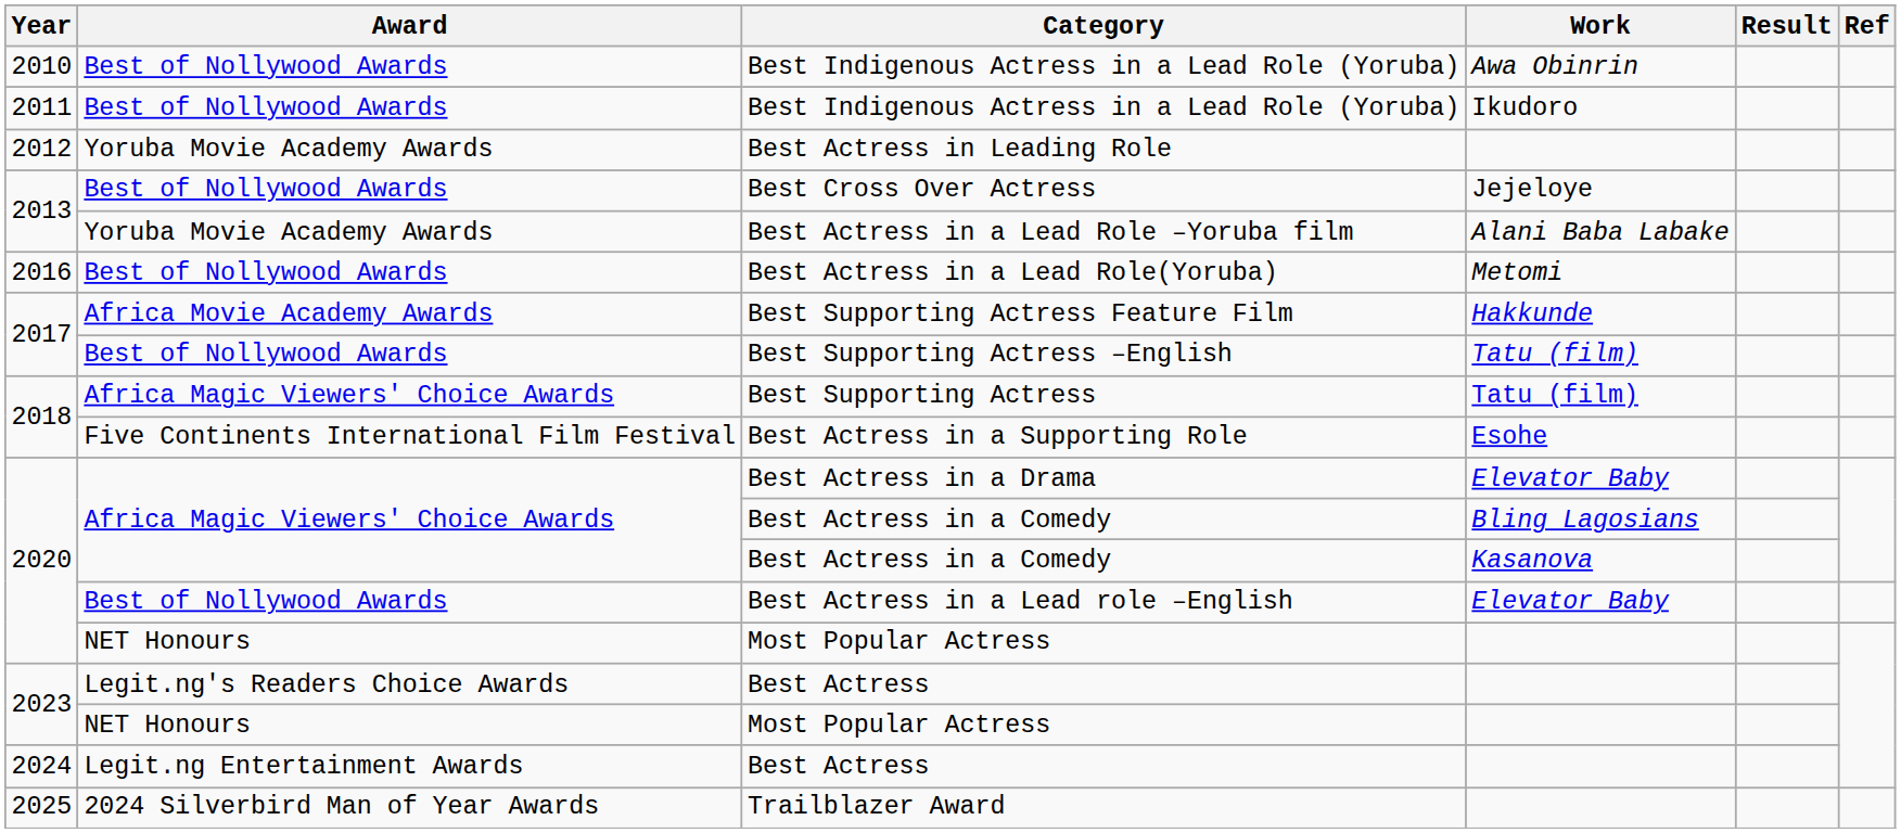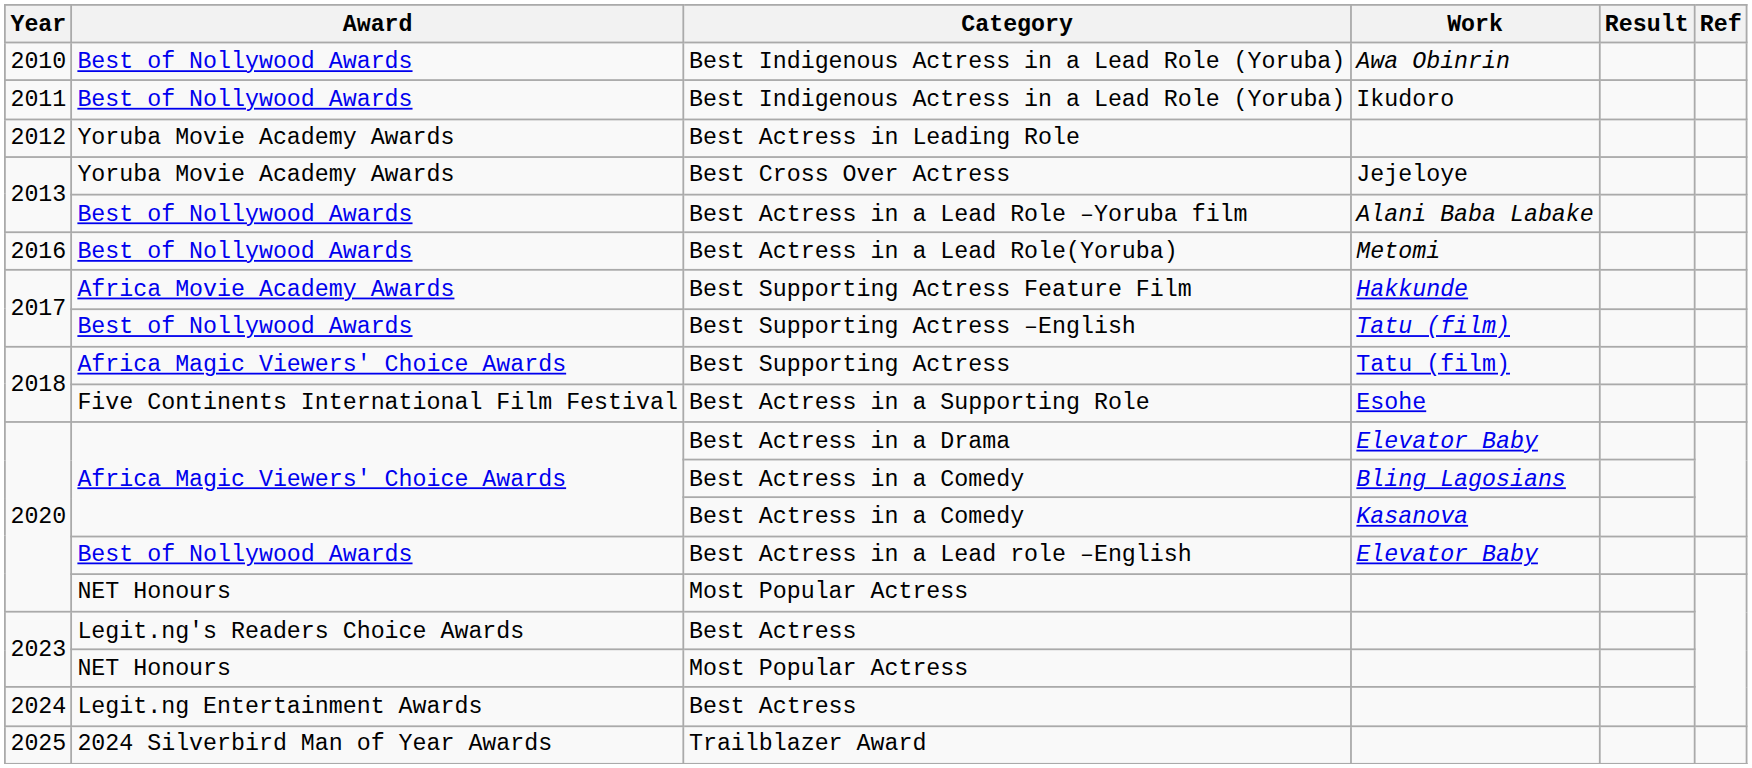 <table class="wikitable">
 <tr>
 <th>Year</th>
 <th>Award</th>
 <th>Category</th>
 <th>Work</th>
 <th>Result</th>
 <th>Ref</th>
 </tr>
 <tr>
 <td>2010</td>
 <td><a href='#'>Best of Nollywood Awards</a></td>
 <td>Best Indigenous Actress in a Lead Role (Yoruba)</td>
 <td><em>Awa Obinrin</em></td>
 <td></td>
 <td></td>
 </tr>
 <tr>
 <td>2011</td>
 <td><a href='#'>Best of Nollywood Awards</a></td>
 <td>Best Indigenous Actress in a Lead Role (Yoruba)</td>
 <td>Ikudoro</td>
 <td></td>
 <td></td>
 </tr>
 <tr>
 <td>2012</td>
 <td>Yoruba Movie Academy Awards</td>
 <td>Best Actress in Leading Role</td>
 <td></td>
 <td></td>
 <td></td>
 </tr>
 <tr>
 <td rowspan=2>2013</td>
-<td><a href='#'>Best of Nollywood Awards</a></td>
+<td>Yoruba Movie Academy Awards</td>
 <td>Best Cross Over Actress</td>
 <td>Jejeloye</td>
 <td></td>
 <td></td>
 </tr>
 <tr>
-<td>Yoruba Movie Academy Awards</td>
+<td><a href='#'>Best of Nollywood Awards</a></td>
 <td>Best Actress in a Lead Role –Yoruba film</td>
 <td><em>Alani Baba Labake</em></td>
 <td></td>
 <td></td>
 </tr>
 <tr>
 <td>2016</td>
 <td><a href='#'> Best of Nollywood Awards</a></td>
 <td>Best Actress in a Lead Role(Yoruba)</td>
 <td><em>Metomi</em></td>
 <td></td>
 <td></td>
 </tr>
 <tr>
 <td rowspan="2">2017</td>
 <td><a href='#'>Africa Movie Academy Awards</a></td>
 <td>Best Supporting Actress Feature Film</td>
 <td><em><a href='#'>Hakkunde</a></em></td>
 <td></td>
 <td></td>
 </tr>
 <tr>
 <td><a href='#'>Best of Nollywood Awards</a></td>
 <td>Best Supporting Actress –English</td>
 <td><em><a href='#'>Tatu (film)</a></em></td>
 <td></td>
 <td></td>
 </tr>
 <tr>
 <td rowspan=2>2018</td>
 <td><a href='#'>Africa Magic Viewers' Choice Awards</a></td>
 <td>Best Supporting Actress</td>
 <td><a href='#'>Tatu (film)</a></td>
 <td></td>
 <td></td>
 </tr>
 <tr>
 <td>Five Continents International Film Festival</td>
 <td>Best Actress in a Supporting Role</td>
 <td><a href='#'>Esohe</a></td>
 <td></td>
 </tr>
 <tr>
 <td rowspan="5">2020</td>
 <td rowspan="3"><a href='#'>Africa Magic Viewers' Choice Awards</a></td>
 <td>Best Actress in a Drama</td>
 <td><em><a href='#'>Elevator Baby</a></em></td>
 <td></td>
 <td rowspan="3"></td>
 </tr>
 <tr>
 <td>Best Actress in a Comedy</td>
 <td><em><a href='#'>Bling Lagosians</a></em></td>
 <td></td>
 </tr>
 <tr>
 <td>Best Actress in a Comedy</td>
 <td><em><a href='#'>Kasanova</a></em></td>
 <td></td>
 </tr>
 <tr>
 <td><a href='#'>Best of Nollywood Awards</a></td>
 <td>Best Actress in a Lead role –English</td>
 <td><em><a href='#'>Elevator Baby</a></em></td>
 <td></td>
 <td></td>
 </tr>
 <tr>
 <td>NET Honours</td>
 <td>Most Popular Actress</td>
 <td></td>
 <td></td>
 </tr>
 <tr>
 <td rowspan=2>2023</td>
 <td>Legit.ng's Readers Choice Awards</td>
 <td>Best Actress</td>
 <td></td>
 <td></td>
 </tr>
 <tr>
 <td>NET Honours</td>
 <td>Most Popular Actress</td>
 <td></td>
 <td></td>
 </tr>
 <tr>
 <td>2024</td>
 <td>Legit.ng Entertainment Awards</td>
 <td>Best Actress</td>
 <td></td>
 <td></td>
 </tr>
 <tr>
 <td>2025</td>
 <td>2024 Silverbird Man of Year Awards</td>
 <td>Trailblazer Award</td>
 <td></td>
 <td></td>
 <td></td>
 </tr>
 <tr>
 </tr>
 </table>
